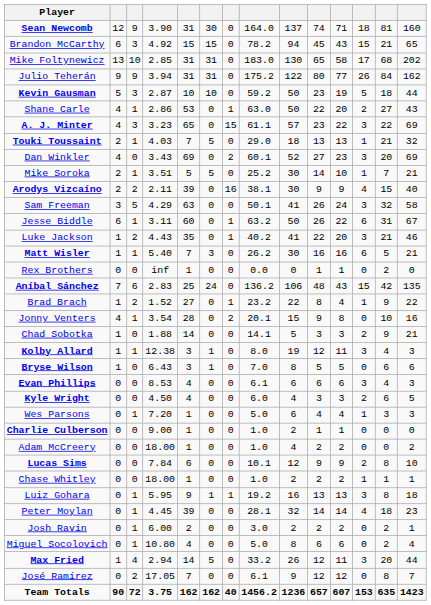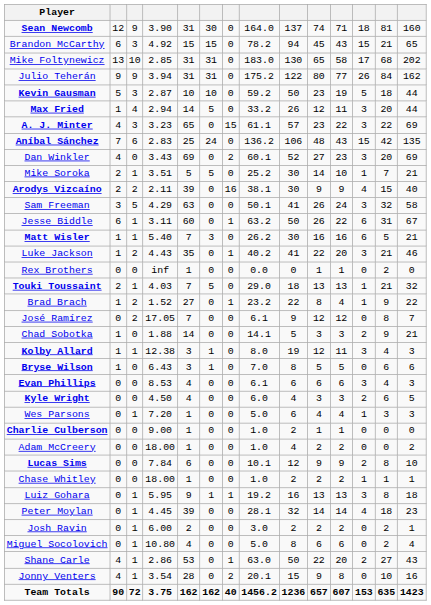 <table class="wikitable sortable" style="text-align:center;">
 <tr>
 <th>Player</th>
 <th></th>
 <th></th>
 <th></th>
 <th></th>
 <th></th>
 <th></th>
 <th></th>
 <th></th>
 <th></th>
 <th></th>
 <th></th>
 <th></th>
 <th></th>
 </tr>
 <tr |- class=="sortbottom">
 <td><strong><a href='#'>Sean Newcomb</a></strong></td>
 <td>12</td>
 <td>9</td>
 <td>3.90</td>
 <td>31</td>
 <td>30</td>
 <td>0</td>
 <td>164.0</td>
 <td>137</td>
 <td>74</td>
 <td>71</td>
 <td>18</td>
 <td>81</td>
 <td>160</td>
 </tr>
 <tr>
 <td><a href='#'>Brandon McCarthy</a></td>
 <td>6</td>
 <td>3</td>
 <td>4.92</td>
 <td>15</td>
 <td>15</td>
 <td>0</td>
 <td>78.2</td>
 <td>94</td>
 <td>45</td>
 <td>43</td>
 <td>15</td>
 <td>21</td>
 <td>65</td>
 </tr>
 <tr>
 <td><a href='#'>Mike Foltynewicz</a></td>
 <td>13</td>
 <td>10</td>
 <td>2.85</td>
 <td>31</td>
 <td>31</td>
 <td>0</td>
 <td>183.0</td>
 <td>130</td>
 <td>65</td>
 <td>58</td>
 <td>17</td>
 <td>68</td>
 <td>202</td>
 </tr>
 <tr>
 <td><a href='#'>Julio Teherán</a></td>
 <td>9</td>
 <td>9</td>
 <td>3.94</td>
 <td>31</td>
 <td>31</td>
 <td>0</td>
 <td>175.2</td>
 <td>122</td>
 <td>80</td>
 <td>77</td>
 <td>26</td>
 <td>84</td>
 <td>162</td>
 </tr>
 <tr>
 <td><strong><a href='#'>Kevin Gausman</a></strong></td>
 <td>5</td>
 <td>3</td>
 <td>2.87</td>
 <td>10</td>
 <td>10</td>
 <td>0</td>
 <td>59.2</td>
 <td>50</td>
 <td>23</td>
 <td>19</td>
 <td>5</td>
 <td>18</td>
 <td>44</td>
 </tr>
 <tr>
-<td><a href='#'>Shane Carle</a></td>
+<td><strong><a href='#'>Max Fried</a></strong></td>
+<td>1</td>
 <td>4</td>
-<td>1</td>
-<td>2.86</td>
-<td>53</td>
+<td>2.94</td>
+<td>14</td>
+<td>5</td>
 <td>0</td>
-<td>1</td>
-<td>63.0</td>
-<td>50</td>
-<td>22</td>
+<td>33.2</td>
+<td>26</td>
+<td>12</td>
+<td>11</td>
+<td>3</td>
 <td>20</td>
-<td>2</td>
-<td>27</td>
-<td>43</td>
+<td>44</td>
 </tr>
 <tr>
 <td><strong><a href='#'>A. J. Minter</a></strong></td>
 <td>4</td>
 <td>3</td>
 <td>3.23</td>
 <td>65</td>
 <td>0</td>
 <td>15</td>
 <td>61.1</td>
 <td>57</td>
 <td>23</td>
 <td>22</td>
 <td>3</td>
 <td>22</td>
 <td>69</td>
 </tr>
 <tr>
-<td><strong><a href='#'>Touki Toussaint</a></strong></td>
-<td>2</td>
-<td>1</td>
-<td>4.03</td>
+<td><strong><a href='#'>Aníbal Sánchez</a></strong></td>
 <td>7</td>
-<td>5</td>
+<td>6</td>
+<td>2.83</td>
+<td>25</td>
+<td>24</td>
 <td>0</td>
-<td>29.0</td>
-<td>18</td>
-<td>13</td>
-<td>13</td>
-<td>1</td>
-<td>21</td>
-<td>32</td>
+<td>136.2</td>
+<td>106</td>
+<td>48</td>
+<td>43</td>
+<td>15</td>
+<td>42</td>
+<td>135</td>
 </tr>
 <tr>
 <td><a href='#'>Dan Winkler</a></td>
 <td>4</td>
 <td>0</td>
 <td>3.43</td>
 <td>69</td>
 <td>0</td>
 <td>2</td>
 <td>60.1</td>
 <td>52</td>
 <td>27</td>
 <td>23</td>
 <td>3</td>
 <td>20</td>
 <td>69</td>
 </tr>
 <tr>
 <td><a href='#'>Mike Soroka</a></td>
 <td>2</td>
 <td>1</td>
 <td>3.51</td>
 <td>5</td>
 <td>5</td>
 <td>0</td>
 <td>25.2</td>
 <td>30</td>
 <td>14</td>
 <td>10</td>
 <td>1</td>
 <td>7</td>
 <td>21</td>
 </tr>
 <tr>
 <td><strong><a href='#'>Arodys Vizcaíno</a></strong></td>
 <td>2</td>
 <td>2</td>
 <td>2.11</td>
 <td>39</td>
 <td>0</td>
 <td>16</td>
 <td>38.1</td>
 <td>30</td>
 <td>9</td>
 <td>9</td>
 <td>4</td>
 <td>15</td>
 <td>40</td>
 </tr>
 <tr>
 <td><a href='#'>Sam Freeman</a></td>
 <td>3</td>
 <td>5</td>
 <td>4.29</td>
 <td>63</td>
 <td>0</td>
 <td>0</td>
 <td>50.1</td>
 <td>41</td>
 <td>26</td>
 <td>24</td>
 <td>3</td>
 <td>32</td>
 <td>58</td>
 </tr>
 <tr>
 <td><a href='#'>Jesse Biddle</a></td>
 <td>6</td>
 <td>1</td>
 <td>3.11</td>
 <td>60</td>
 <td>0</td>
 <td>1</td>
 <td>63.2</td>
 <td>50</td>
 <td>26</td>
 <td>22</td>
 <td>6</td>
 <td>31</td>
 <td>67</td>
 </tr>
 <tr>
+<td><strong><a href='#'>Matt Wisler</a></strong></td>
+<td>1</td>
+<td>1</td>
+<td>5.40</td>
+<td>7</td>
+<td>3</td>
+<td>0</td>
+<td>26.2</td>
+<td>30</td>
+<td>16</td>
+<td>16</td>
+<td>6</td>
+<td>5</td>
+<td>21</td>
+</tr>
+<tr>
 <td><a href='#'>Luke Jackson</a></td>
 <td>1</td>
 <td>2</td>
 <td>4.43</td>
 <td>35</td>
 <td>0</td>
 <td>1</td>
 <td>40.2</td>
 <td>41</td>
 <td>22</td>
 <td>20</td>
 <td>3</td>
 <td>21</td>
 <td>46</td>
-</tr>
-<tr>
-<td><strong><a href='#'>Matt Wisler</a></strong></td>
-<td>1</td>
-<td>1</td>
-<td>5.40</td>
-<td>7</td>
-<td>3</td>
-<td>0</td>
-<td>26.2</td>
-<td>30</td>
-<td>16</td>
-<td>16</td>
-<td>6</td>
-<td>5</td>
-<td>21</td>
 </tr>
 <tr>
 <td><a href='#'>Rex Brothers</a></td>
 <td>0</td>
 <td>0</td>
 <td>inf</td>
 <td>1</td>
 <td>0</td>
 <td>0</td>
 <td>0.0</td>
 <td>0</td>
 <td>1</td>
 <td>1</td>
 <td>0</td>
 <td>2</td>
 <td>0</td>
 </tr>
 <tr>
-<td><strong><a href='#'>Aníbal Sánchez</a></strong></td>
+<td><strong><a href='#'>Touki Toussaint</a></strong></td>
+<td>2</td>
+<td>1</td>
+<td>4.03</td>
 <td>7</td>
-<td>6</td>
-<td>2.83</td>
-<td>25</td>
-<td>24</td>
+<td>5</td>
 <td>0</td>
-<td>136.2</td>
-<td>106</td>
-<td>48</td>
-<td>43</td>
-<td>15</td>
-<td>42</td>
-<td>135</td>
+<td>29.0</td>
+<td>18</td>
+<td>13</td>
+<td>13</td>
+<td>1</td>
+<td>21</td>
+<td>32</td>
 </tr>
 <tr>
 <td><a href='#'>Brad Brach</a></td>
 <td>1</td>
 <td>2</td>
 <td>1.52</td>
 <td>27</td>
 <td>0</td>
 <td>1</td>
 <td>23.2</td>
 <td>22</td>
 <td>8</td>
 <td>4</td>
 <td>1</td>
 <td>9</td>
 <td>22</td>
 </tr>
 <tr>
-<td><a href='#'>Jonny Venters</a></td>
-<td>4</td>
-<td>1</td>
-<td>3.54</td>
-<td>28</td>
+<td><a href='#'>José Ramírez</a></td>
 <td>0</td>
 <td>2</td>
-<td>20.1</td>
-<td>15</td>
+<td>17.05</td>
+<td>7</td>
+<td>0</td>
+<td>0</td>
+<td>6.1</td>
 <td>9</td>
+<td>12</td>
+<td>12</td>
+<td>0</td>
 <td>8</td>
-<td>0</td>
-<td>10</td>
-<td>16</td>
+<td>7</td>
 </tr>
 <tr>
 <td><a href='#'>Chad Sobotka</a></td>
 <td>1</td>
 <td>0</td>
 <td>1.88</td>
 <td>14</td>
 <td>0</td>
 <td>0</td>
 <td>14.1</td>
 <td>5</td>
 <td>3</td>
 <td>3</td>
 <td>2</td>
 <td>9</td>
 <td>21</td>
 </tr>
 <tr>
 <td><strong><a href='#'>Kolby Allard</a></strong></td>
 <td>1</td>
 <td>1</td>
 <td>12.38</td>
 <td>3</td>
 <td>1</td>
 <td>0</td>
 <td>8.0</td>
 <td>19</td>
 <td>12</td>
 <td>11</td>
 <td>3</td>
 <td>4</td>
 <td>3</td>
 </tr>
 <tr>
 <td><strong><a href='#'>Bryse Wilson</a></strong></td>
 <td>1</td>
 <td>0</td>
 <td>6.43</td>
 <td>3</td>
 <td>1</td>
 <td>0</td>
 <td>7.0</td>
 <td>8</td>
 <td>5</td>
 <td>5</td>
 <td>0</td>
 <td>6</td>
 <td>6</td>
 </tr>
 <tr>
 <td><strong><a href='#'>Evan Phillips</a></strong></td>
 <td>0</td>
 <td>0</td>
 <td>8.53</td>
 <td>4</td>
 <td>0</td>
 <td>0</td>
 <td>6.1</td>
 <td>6</td>
 <td>6</td>
 <td>6</td>
 <td>3</td>
 <td>4</td>
 <td>3</td>
 </tr>
 <tr>
 <td><strong><a href='#'>Kyle Wright</a></strong></td>
 <td>0</td>
 <td>0</td>
 <td>4.50</td>
 <td>4</td>
 <td>0</td>
 <td>0</td>
 <td>6.0</td>
 <td>4</td>
 <td>3</td>
 <td>3</td>
 <td>2</td>
 <td>6</td>
 <td>5</td>
 </tr>
 <tr>
 <td><a href='#'>Wes Parsons</a></td>
 <td>0</td>
 <td>1</td>
 <td>7.20</td>
 <td>1</td>
 <td>0</td>
 <td>0</td>
 <td>5.0</td>
 <td>6</td>
 <td>4</td>
 <td>4</td>
 <td>1</td>
 <td>3</td>
 <td>3</td>
 </tr>
 <tr>
 <td><strong><a href='#'>Charlie Culberson</a></strong></td>
 <td>0</td>
 <td>0</td>
 <td>9.00</td>
 <td>1</td>
 <td>0</td>
 <td>0</td>
 <td>1.0</td>
 <td>2</td>
 <td>1</td>
 <td>1</td>
 <td>0</td>
 <td>0</td>
 <td>0</td>
 </tr>
 <tr>
 <td><a href='#'>Adam McCreery</a></td>
 <td>0</td>
 <td>0</td>
 <td>18.00</td>
 <td>1</td>
 <td>0</td>
 <td>0</td>
 <td>1.0</td>
 <td>4</td>
 <td>2</td>
 <td>2</td>
 <td>0</td>
 <td>0</td>
 <td>2</td>
 </tr>
 <tr>
 <td><strong><a href='#'>Lucas Sims</a></strong></td>
 <td>0</td>
 <td>0</td>
 <td>7.84</td>
 <td>6</td>
 <td>0</td>
 <td>0</td>
 <td>10.1</td>
 <td>12</td>
 <td>9</td>
 <td>9</td>
 <td>2</td>
 <td>8</td>
 <td>10</td>
 </tr>
 <tr>
 <td><a href='#'>Chase Whitley</a></td>
 <td>0</td>
 <td>0</td>
 <td>18.00</td>
 <td>1</td>
 <td>0</td>
 <td>0</td>
 <td>1.0</td>
 <td>2</td>
 <td>2</td>
 <td>2</td>
 <td>1</td>
 <td>1</td>
 <td>1</td>
 </tr>
 <tr>
 <td><a href='#'>Luiz Gohara</a></td>
 <td>0</td>
 <td>1</td>
 <td>5.95</td>
 <td>9</td>
 <td>1</td>
 <td>1</td>
 <td>19.2</td>
 <td>16</td>
 <td>13</td>
 <td>13</td>
 <td>3</td>
 <td>8</td>
 <td>18</td>
 </tr>
 <tr>
 <td><a href='#'>Peter Moylan</a></td>
 <td>0</td>
 <td>1</td>
 <td>4.45</td>
 <td>39</td>
 <td>0</td>
 <td>0</td>
 <td>28.1</td>
 <td>32</td>
 <td>14</td>
 <td>14</td>
 <td>4</td>
 <td>18</td>
 <td>23</td>
 </tr>
 <tr>
 <td><a href='#'>Josh Ravin</a></td>
 <td>0</td>
 <td>1</td>
 <td>6.00</td>
 <td>2</td>
 <td>0</td>
 <td>0</td>
 <td>3.0</td>
 <td>2</td>
 <td>2</td>
 <td>2</td>
 <td>0</td>
 <td>2</td>
 <td>1</td>
 </tr>
 <tr>
 <td><a href='#'>Miguel Socolovich</a></td>
 <td>0</td>
 <td>1</td>
 <td>10.80</td>
 <td>4</td>
 <td>0</td>
 <td>0</td>
 <td>5.0</td>
 <td>8</td>
 <td>6</td>
 <td>6</td>
 <td>0</td>
 <td>2</td>
 <td>4</td>
 </tr>
 <tr>
-<td><strong><a href='#'>Max Fried</a></strong></td>
+<td><a href='#'>Shane Carle</a></td>
+<td>4</td>
 <td>1</td>
-<td>4</td>
-<td>2.94</td>
-<td>14</td>
-<td>5</td>
+<td>2.86</td>
+<td>53</td>
 <td>0</td>
-<td>33.2</td>
-<td>26</td>
-<td>12</td>
-<td>11</td>
-<td>3</td>
+<td>1</td>
+<td>63.0</td>
+<td>50</td>
+<td>22</td>
 <td>20</td>
-<td>44</td>
+<td>2</td>
+<td>27</td>
+<td>43</td>
 </tr>
 <tr>
-<td><a href='#'>José Ramírez</a></td>
+<td><a href='#'>Jonny Venters</a></td>
+<td>4</td>
+<td>1</td>
+<td>3.54</td>
+<td>28</td>
 <td>0</td>
 <td>2</td>
-<td>17.05</td>
-<td>7</td>
+<td>20.1</td>
+<td>15</td>
+<td>9</td>
+<td>8</td>
 <td>0</td>
-<td>0</td>
-<td>6.1</td>
-<td>9</td>
-<td>12</td>
-<td>12</td>
-<td>0</td>
-<td>8</td>
-<td>7</td>
+<td>10</td>
+<td>16</td>
 </tr>
 <tr>
 <td><strong>Team Totals</strong></td>
 <td><strong>90</strong></td>
 <td><strong>72</strong></td>
 <td><strong>3.75</strong></td>
 <td><strong>162</strong></td>
 <td><strong>162</strong></td>
 <td><strong>40</strong></td>
 <td><strong>1456.2</strong></td>
 <td><strong>1236</strong></td>
 <td><strong>657</strong></td>
 <td><strong>607</strong></td>
 <td><strong>153</strong></td>
 <td><strong>635</strong></td>
 <td><strong>1423</strong></td>
 </tr>
 </table>
